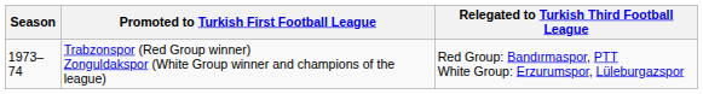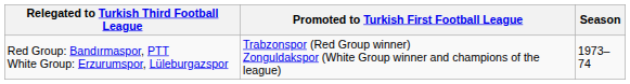 <table class="wikitable">
 <tr>
+<th>Relegated to <a href='#'>Turkish Third Football League</a></th>
+<th>Promoted to <a href='#'>Turkish First Football League</a></th>
 <th>Season</th>
-<th>Promoted to <a href='#'>Turkish First Football League</a></th>
-<th>Relegated to <a href='#'>Turkish Third Football League</a></th>
 </tr>
 <tr>
+<td>Red Group: <a href='#'>Bandırmaspor</a>, <a href='#'>PTT</a><br>White Group: <a href='#'>Erzurumspor</a>, <a href='#'>Lüleburgazspor</a></td>
+<td><a href='#'>Trabzonspor</a> (Red Group winner)<br><a href='#'>Zonguldakspor</a> (White Group winner and champions of the league)</td>
 <td>1973–74</td>
-<td><a href='#'>Trabzonspor</a> (Red Group winner)<br><a href='#'>Zonguldakspor</a> (White Group winner and champions of the league)</td>
-<td>Red Group: <a href='#'>Bandırmaspor</a>, <a href='#'>PTT</a><br>White Group: <a href='#'>Erzurumspor</a>, <a href='#'>Lüleburgazspor</a></td>
 </tr>
 </table>
